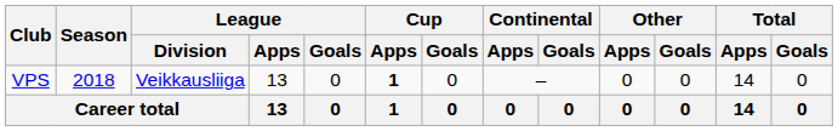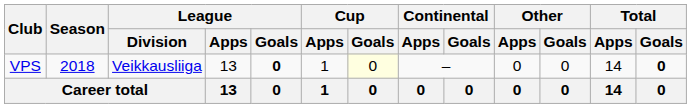 <table class="wikitable" style="text-align:center">
 <tr>
 <th rowspan="2">Club</th>
 <th rowspan="2">Season</th>
 <th colspan="3">League</th>
 <th colspan="2">Cup</th>
 <th colspan="2">Continental</th>
 <th colspan="2">Other</th>
 <th colspan="2">Total</th>
 </tr>
 <tr>
 <th>Division</th>
 <th>Apps</th>
 <th>Goals</th>
 <th>Apps</th>
 <th>Goals</th>
 <th>Apps</th>
 <th>Goals</th>
 <th>Apps</th>
 <th>Goals</th>
 <th>Apps</th>
 <th>Goals</th>
 </tr>
 <tr>
 <td><a href='#'>VPS</a></td>
 <td><a href='#'>2018</a></td>
 <td><a href='#'>Veikkausliiga</a></td>
 <td>13</td>
-<td>0</td>
-<td><strong>1</strong></td>
-<td>0</td>
+<td><strong>0</strong></td>
+<td>1</td>
+<td style="background: lightyellow;">0</td>
 <td colspan="2">–</td>
 <td>0</td>
 <td>0</td>
 <td>14</td>
-<td>0</td>
+<td><strong>0</strong></td>
 </tr>
 <tr>
 <th colspan="3">Career total</th>
 <th>13</th>
 <th>0</th>
 <th>1</th>
 <th>0</th>
 <th>0</th>
 <th>0</th>
 <th>0</th>
 <th>0</th>
 <th>14</th>
 <th>0</th>
 </tr>
 </table>
